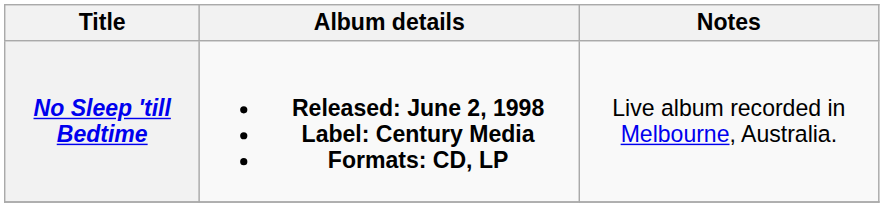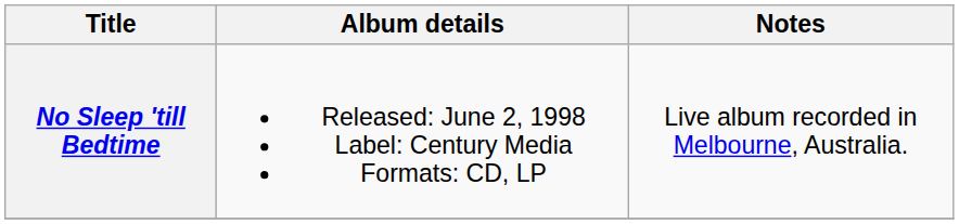 <table class="wikitable plainrowheaders" style="text-align:center;">
 <tr>
 <th scope="col" style="width:8em;">Title</th>
 <th scope="col" style="width:16em;">Album details</th>
 <th scope="col">Notes</th>
 </tr>
 <tr>
 <th scope="row"><em><a href='#'>No Sleep 'till Bedtime</a></em></th>
-<td><strong><br><ul><li>Released: June 2, 1998</li><li>Label: Century Media</li><li>Formats: CD, LP</li></ul></strong></td>
+<td><br><ul><li>Released: June 2, 1998</li><li>Label: Century Media</li><li>Formats: CD, LP</li></ul></td>
 <td>Live album recorded in <a href='#'>Melbourne</a>, Australia.</td>
 </tr>
 <tr>
 </tr>
 </table>
